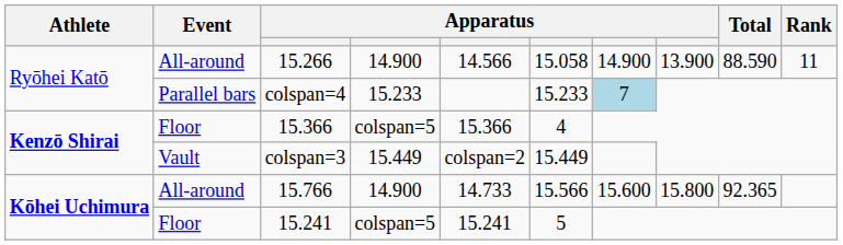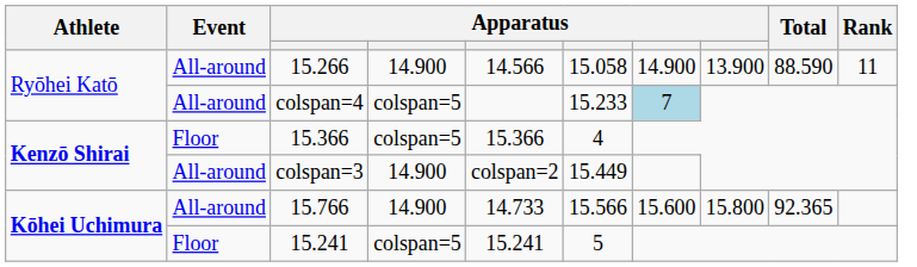 <table class="wikitable" style="font-size:90%">
 <tr>
 <th rowspan=2>Athlete</th>
 <th rowspan=2>Event</th>
 <th colspan =6>Apparatus</th>
 <th rowspan=2>Total</th>
 <th rowspan=2>Rank</th>
 </tr>
 <tr style="font-size:95%">
 <th></th>
 <th></th>
 <th></th>
 <th></th>
 <th></th>
 <th></th>
 </tr>
 <tr align=center>
 <td align=left rowspan=2><a href='#'>Ryōhei Katō</a></td>
 <td align=left><a href='#'>All-around</a></td>
 <td>15.266</td>
 <td>14.900</td>
 <td>14.566</td>
 <td>15.058</td>
 <td>14.900</td>
 <td>13.900</td>
 <td>88.590</td>
 <td>11</td>
 </tr>
 <tr align=center>
-<td align=left><a href='#'>Parallel bars</a></td>
+<td align=left><a href='#'>All-around</a></td>
 <td>colspan=4 </td>
-<td>15.233</td>
+<td>colspan=5 </td>
 <td></td>
 <td>15.233</td>
 <td style="background: lightblue;">7</td>
 </tr>
 <tr align=center>
 <td align=left rowspan=2><strong><a href='#'>Kenzō Shirai</a></strong></td>
 <td align=left><a href='#'>Floor</a></td>
 <td>15.366</td>
 <td>colspan=5 </td>
 <td>15.366</td>
 <td>4</td>
 </tr>
 <tr align=center>
-<td align=left><a href='#'>Vault</a></td>
+<td align=left><a href='#'>All-around</a></td>
 <td>colspan=3 </td>
-<td>15.449</td>
+<td>14.900</td>
 <td>colspan=2 </td>
 <td>15.449</td>
 <td></td>
 </tr>
 <tr align=center>
 <td align=left rowspan=2><strong><a href='#'>Kōhei Uchimura</a></strong></td>
 <td align=left><a href='#'>All-around</a></td>
 <td>15.766</td>
 <td>14.900</td>
 <td>14.733</td>
 <td>15.566</td>
 <td>15.600</td>
 <td>15.800</td>
 <td>92.365</td>
 <td></td>
 </tr>
 <tr align=center>
 <td align=left><a href='#'>Floor</a></td>
 <td>15.241</td>
 <td>colspan=5 </td>
 <td>15.241</td>
 <td>5</td>
 </tr>
 </table>
